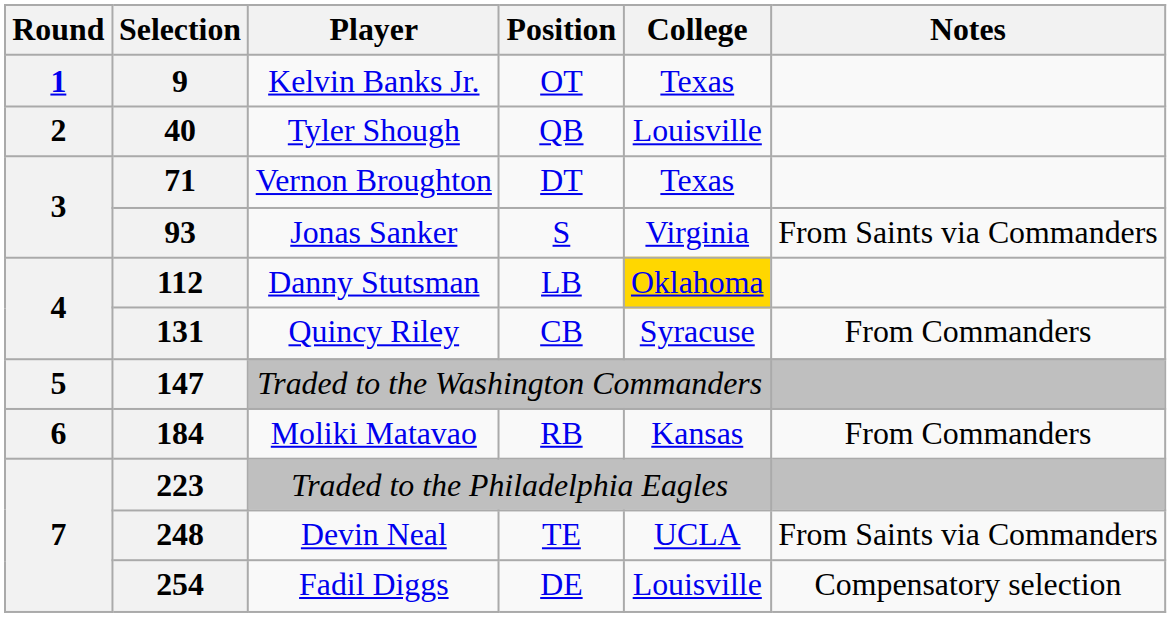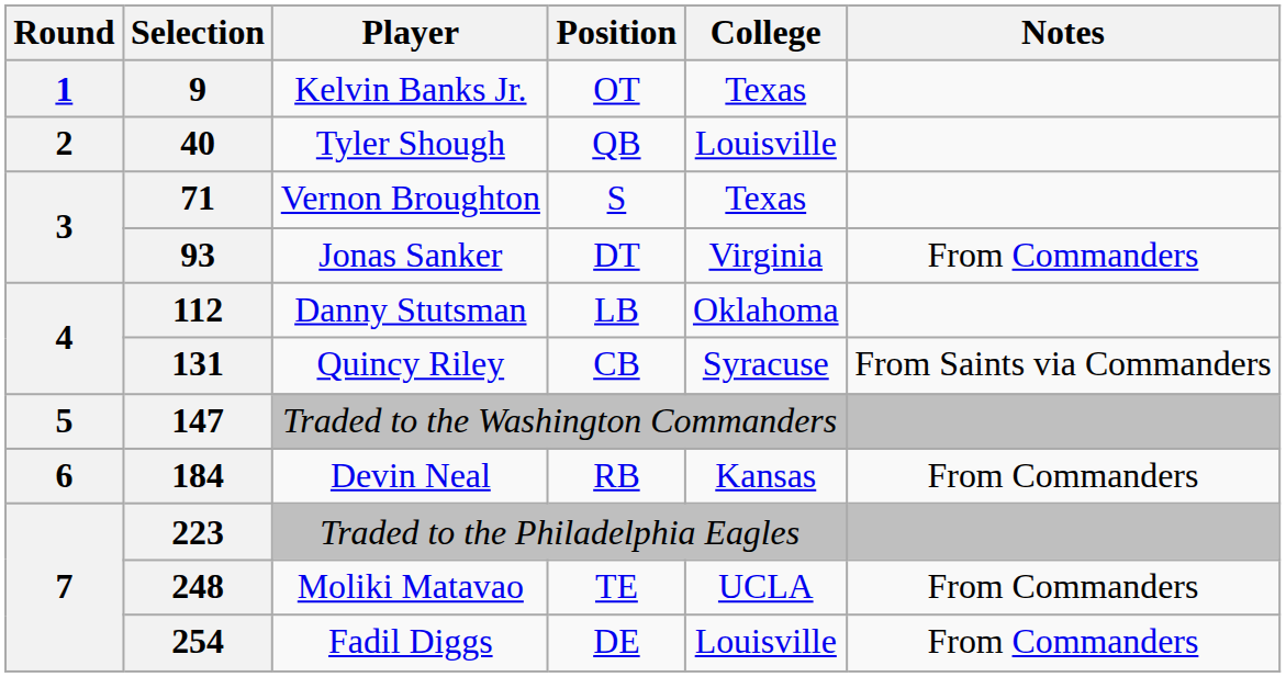 <table class="wikitable" style="text-align:center">
 <tr>
 <th>Round</th>
 <th>Selection</th>
 <th>Player</th>
 <th>Position</th>
 <th>College</th>
 <th>Notes</th>
 </tr>
 <tr>
 <th><a href='#'>1</a></th>
 <th>9</th>
 <td><a href='#'>Kelvin Banks Jr.</a></td>
 <td><a href='#'>OT</a></td>
 <td><a href='#'>Texas</a></td>
 <td></td>
 </tr>
 <tr>
 <th>2</th>
 <th>40</th>
 <td><a href='#'>Tyler Shough</a></td>
 <td><a href='#'>QB</a></td>
 <td><a href='#'>Louisville</a></td>
 <td></td>
 </tr>
 <tr>
 <th rowspan="2">3</th>
 <th>71</th>
 <td><a href='#'>Vernon Broughton</a></td>
-<td><a href='#'>DT</a></td>
+<td><a href='#'>S</a></td>
 <td><a href='#'>Texas</a></td>
 <td></td>
 </tr>
 <tr>
 <th>93</th>
 <td><a href='#'>Jonas Sanker</a></td>
-<td><a href='#'>S</a></td>
+<td><a href='#'>DT</a></td>
 <td><a href='#'>Virginia</a></td>
-<td>From Saints via Commanders</td>
+<td>From <a href='#'>Commanders</a></td>
 </tr>
 <tr>
 <th rowspan="2">4</th>
 <th>112</th>
 <td><a href='#'>Danny Stutsman</a></td>
 <td><a href='#'>LB</a></td>
-<td style="background: gold;"><a href='#'>Oklahoma</a></td>
+<td><a href='#'>Oklahoma</a></td>
 <td></td>
 </tr>
 <tr>
 <th>131</th>
 <td><a href='#'>Quincy Riley</a></td>
 <td><a href='#'>CB</a></td>
 <td><a href='#'>Syracuse</a></td>
-<td>From Commanders</td>
+<td>From Saints via Commanders</td>
 </tr>
 <tr>
 <th>5</th>
 <th>147</th>
 <td colspan="3" style="background:#BFBFBF"><em>Traded to the Washington Commanders</em></td>
 <td style="background:#BFBFBF"></td>
 </tr>
 <tr>
 <th>6</th>
 <th>184</th>
-<td><a href='#'>Moliki Matavao</a></td>
+<td><a href='#'>Devin Neal</a></td>
 <td><a href='#'>RB</a></td>
 <td><a href='#'>Kansas</a></td>
 <td>From Commanders</td>
 </tr>
 <tr>
 <th rowspan="3">7</th>
 <th>223</th>
 <td colspan="3" style="background:#BFBFBF"><em>Traded to the Philadelphia Eagles</em></td>
 <td style="background:#BFBFBF"></td>
 </tr>
 <tr>
 <th>248</th>
-<td><a href='#'>Devin Neal</a></td>
+<td><a href='#'>Moliki Matavao</a></td>
 <td><a href='#'>TE</a></td>
 <td><a href='#'>UCLA</a></td>
-<td>From Saints via Commanders</td>
+<td>From Commanders</td>
 </tr>
 <tr>
 <th>254</th>
 <td><a href='#'>Fadil Diggs</a></td>
 <td><a href='#'>DE</a></td>
 <td><a href='#'>Louisville</a></td>
-<td>Compensatory selection</td>
+<td>From <a href='#'>Commanders</a></td>
 </tr>
 </table>
